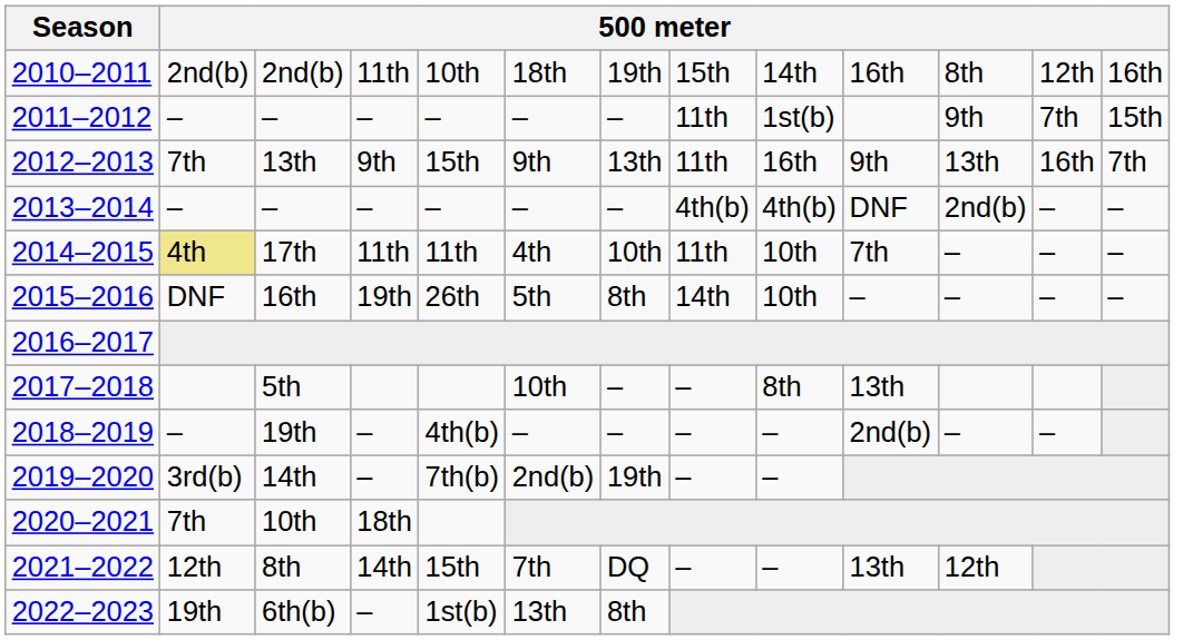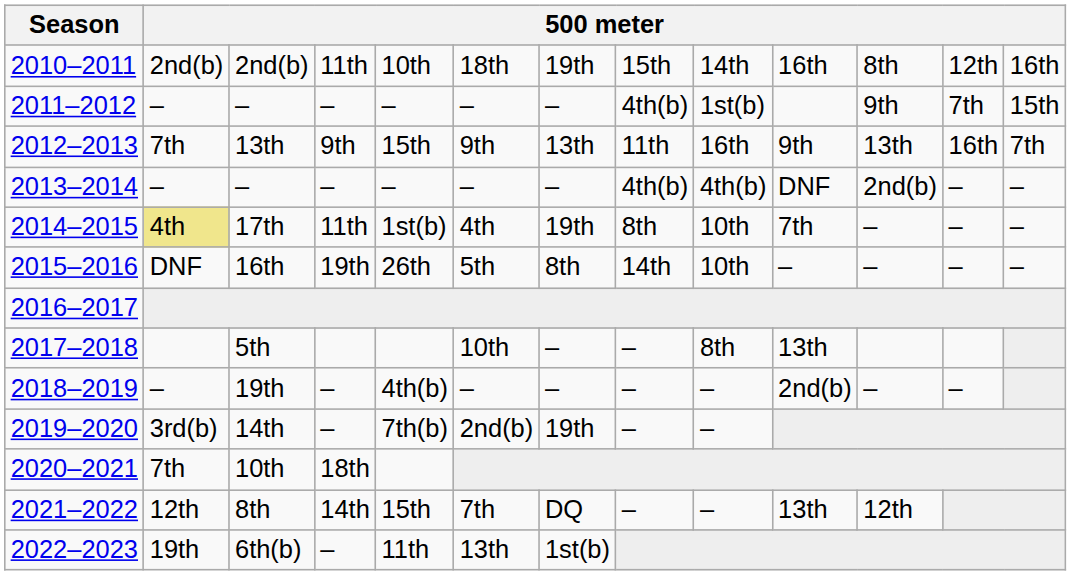 <table class="wikitable" style="display: inline-table;">
 <tr>
 <th>Season</th>
 <th colspan="12">500 meter</th>
 </tr>
 <tr>
 <td><a href='#'> 2010–2011</a></td>
 <td>2nd(b)</td>
 <td>2nd(b)</td>
 <td>11th</td>
 <td>10th</td>
 <td>18th</td>
 <td>19th</td>
 <td>15th</td>
 <td>14th</td>
 <td>16th</td>
 <td>8th</td>
 <td>12th</td>
 <td>16th</td>
 </tr>
 <tr>
 <td><a href='#'> 2011–2012</a></td>
 <td>–</td>
 <td>–</td>
 <td>–</td>
 <td>–</td>
 <td>–</td>
 <td>–</td>
-<td>11th</td>
+<td>4th(b)</td>
 <td>1st(b)</td>
 <td></td>
 <td>9th</td>
 <td>7th</td>
 <td>15th</td>
 </tr>
 <tr>
 <td><a href='#'> 2012–2013</a></td>
 <td>7th</td>
 <td>13th</td>
 <td>9th</td>
 <td>15th</td>
 <td>9th</td>
 <td>13th</td>
 <td>11th</td>
 <td>16th</td>
 <td>9th</td>
 <td>13th</td>
 <td>16th</td>
 <td>7th</td>
 </tr>
 <tr>
 <td><a href='#'> 2013–2014</a></td>
 <td>–</td>
 <td>–</td>
 <td>–</td>
 <td>–</td>
 <td>–</td>
 <td>–</td>
 <td>4th(b)</td>
 <td>4th(b)</td>
 <td>DNF</td>
 <td>2nd(b)</td>
 <td>–</td>
 <td>–</td>
 </tr>
 <tr>
 <td><a href='#'> 2014–2015</a></td>
 <td style="background: khaki;">4th</td>
 <td>17th</td>
 <td>11th</td>
-<td>11th</td>
+<td>1st(b)</td>
 <td>4th</td>
-<td>10th</td>
-<td>11th</td>
+<td>19th</td>
+<td>8th</td>
 <td>10th</td>
 <td>7th</td>
 <td>–</td>
 <td>–</td>
 <td>–</td>
 </tr>
 <tr>
 <td><a href='#'> 2015–2016</a></td>
 <td>DNF</td>
 <td>16th</td>
 <td>19th</td>
 <td>26th</td>
 <td>5th</td>
 <td>8th</td>
 <td>14th</td>
 <td>10th</td>
 <td>–</td>
 <td>–</td>
 <td>–</td>
 <td>–</td>
 </tr>
 <tr>
 <td><a href='#'> 2016–2017</a></td>
 <td colspan="12" bgcolor=#EEEEEE></td>
 </tr>
 <tr>
 <td><a href='#'> 2017–2018</a></td>
 <td></td>
 <td>5th</td>
 <td></td>
 <td></td>
 <td>10th</td>
 <td>–</td>
 <td>–</td>
 <td>8th</td>
 <td>13th</td>
 <td></td>
 <td></td>
 <td colspan="1" bgcolor=#EEEEEE></td>
 </tr>
 <tr>
 <td><a href='#'> 2018–2019</a></td>
 <td>–</td>
 <td>19th</td>
 <td>–</td>
 <td>4th(b)</td>
 <td>–</td>
 <td>–</td>
 <td>–</td>
 <td>–</td>
 <td>2nd(b)</td>
 <td>–</td>
 <td>–</td>
 <td colspan="1" bgcolor=#EEEEEE></td>
 </tr>
 <tr>
 <td><a href='#'> 2019–2020</a></td>
 <td>3rd(b)</td>
 <td>14th</td>
 <td>–</td>
 <td>7th(b)</td>
 <td>2nd(b)</td>
 <td>19th</td>
 <td>–</td>
 <td>–</td>
 <td colspan="4" bgcolor=#EEEEEE></td>
 </tr>
 <tr>
 <td><a href='#'> 2020–2021</a></td>
 <td>7th</td>
 <td>10th</td>
 <td>18th</td>
 <td></td>
 <td colspan="8" bgcolor=#EEEEEE></td>
 </tr>
 <tr>
 <td><a href='#'> 2021–2022</a></td>
 <td>12th</td>
 <td>8th</td>
 <td>14th</td>
 <td>15th</td>
 <td>7th</td>
 <td>DQ</td>
 <td>–</td>
 <td>–</td>
 <td>13th</td>
 <td>12th</td>
 <td colspan="2" bgcolor=#EEEEEE></td>
 </tr>
 <tr>
 <td><a href='#'> 2022–2023</a></td>
 <td>19th</td>
 <td>6th(b)</td>
 <td>–</td>
+<td>11th</td>
+<td>13th</td>
 <td>1st(b)</td>
-<td>13th</td>
-<td>8th</td>
 <td colspan="6" bgcolor=#EEEEEE></td>
 </tr>
 </table>
